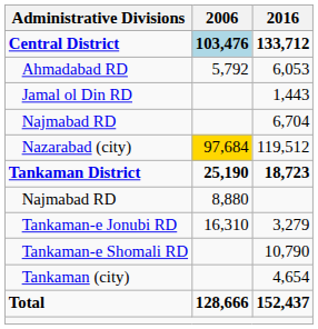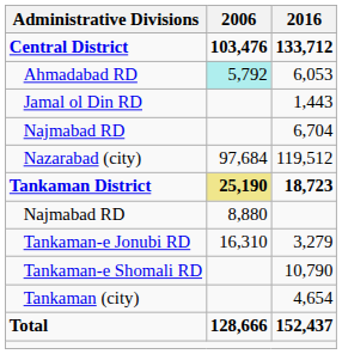 <table class="wikitable">
 <tr>
 <th>Administrative Divisions</th>
 <th>2006</th>
 <th>2016</th>
 </tr>
 <tr>
 <td><strong><a href='#'>Central District</a></strong></td>
-<td style="background: lightblue; text-align: right;"><strong>103,476</strong></td>
+<td style="text-align: right;"><strong>103,476</strong></td>
 <td style="text-align: right;"><strong>133,712</strong></td>
 </tr>
 <tr>
 <td style="padding-left: 1em;"><a href='#'>Ahmadabad RD</a></td>
-<td style="text-align: right;">5,792</td>
+<td style="background: paleturquoise; text-align: right;">5,792</td>
 <td style="text-align: right;">6,053</td>
 </tr>
 <tr>
 <td style="padding-left: 1em;"><a href='#'>Jamal ol Din RD</a></td>
 <td style="text-align: right;"></td>
 <td style="text-align: right;">1,443</td>
 </tr>
 <tr>
 <td style="padding-left: 1em;"><a href='#'>Najmabad RD</a></td>
 <td style="text-align: right;"></td>
 <td style="text-align: right;">6,704</td>
 </tr>
 <tr>
 <td style="padding-left: 1em;"><a href='#'>Nazarabad</a> (city)</td>
-<td style="background: gold; text-align: right;">97,684</td>
+<td style="text-align: right;">97,684</td>
 <td style="text-align: right;">119,512</td>
 </tr>
 <tr>
 <td><strong><a href='#'>Tankaman District</a></strong></td>
-<td style="text-align: right;"><strong>25,190</strong></td>
+<td style="background: khaki; text-align: right;"><strong>25,190</strong></td>
 <td style="text-align: right;"><strong>18,723</strong></td>
 </tr>
 <tr>
 <td style="padding-left: 1em;">Najmabad RD</td>
 <td style="text-align: right;">8,880</td>
 <td style="text-align: right;"></td>
 </tr>
 <tr>
 <td style="padding-left: 1em;"><a href='#'>Tankaman-e Jonubi RD</a></td>
 <td style="text-align: right;">16,310</td>
 <td style="text-align: right;">3,279</td>
 </tr>
 <tr>
 <td style="padding-left: 1em;"><a href='#'>Tankaman-e Shomali RD</a></td>
 <td style="text-align: right;"></td>
 <td style="text-align: right;">10,790</td>
 </tr>
 <tr>
 <td style="padding-left: 1em;"><a href='#'>Tankaman</a> (city)</td>
 <td style="text-align: right;"></td>
 <td style="text-align: right;">4,654</td>
 </tr>
 <tr>
 <td><strong>Total</strong></td>
 <td style="text-align: right;"><strong>128,666</strong></td>
 <td style="text-align: right;"><strong>152,437</strong></td>
 </tr>
 <tr>
 <td colspan=4></td>
 </tr>
 </table>
